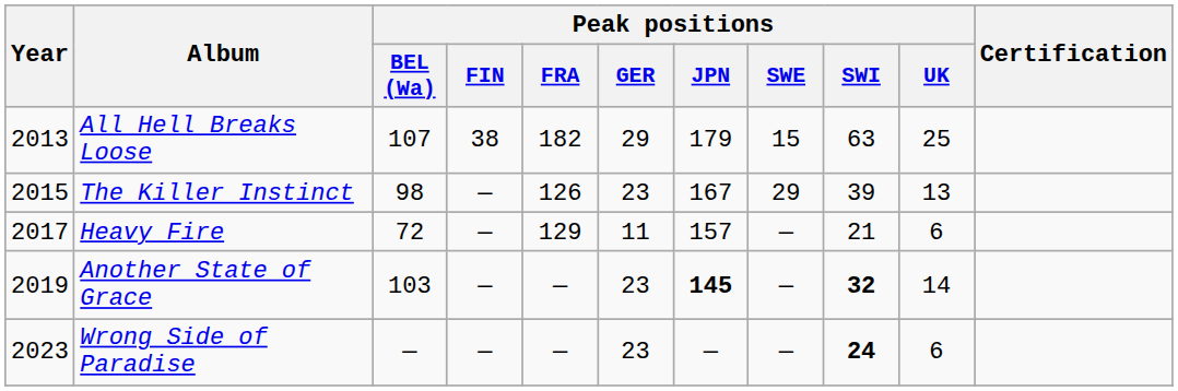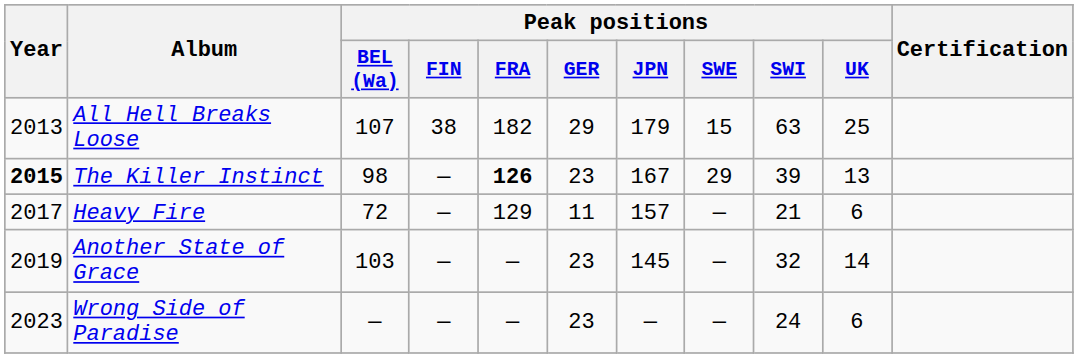 <table class="wikitable">
 <tr>
 <th align="center" rowspan="2" width="10">Year</th>
 <th align="center" rowspan="2" width="155">Album</th>
 <th align="center" colspan="8" width="20">Peak positions</th>
 <th align="center" rowspan="2" width="70">Certification</th>
 </tr>
 <tr>
 <th scope="col" style="width:3em;font-size:90%;"><a href='#'>BEL<br>(Wa)</a><br></th>
 <th scope="col" style="width:3em;font-size:90%;"><a href='#'>FIN</a><br></th>
 <th scope="col" style="width:3em;font-size:90%;"><a href='#'>FRA</a><br></th>
 <th scope="col" style="width:3em;font-size:90%;"><a href='#'>GER</a><br></th>
 <th scope="col" style="width:3em;font-size:90%;"><a href='#'>JPN</a><br></th>
 <th scope="col" style="width:3em;font-size:90%;"><a href='#'>SWE</a><br></th>
 <th scope="col" style="width:3em;font-size:90%;"><a href='#'>SWI</a><br></th>
 <th scope="col" style="width:3em;font-size:90%;"><a href='#'>UK</a><br></th>
 </tr>
 <tr>
 <td style="text-align:center;">2013</td>
 <td><em><a href='#'>All Hell Breaks Loose</a></em></td>
 <td style="text-align:center;">107</td>
 <td style="text-align:center;">38</td>
 <td style="text-align:center;">182</td>
 <td style="text-align:center;">29</td>
 <td style="text-align:center;">179</td>
 <td style="text-align:center;">15</td>
 <td style="text-align:center;">63</td>
 <td style="text-align:center;">25</td>
 <td style="text-align:center;"></td>
 </tr>
 <tr>
-<td style="text-align:center;">2015</td>
+<td style="text-align:center;"><strong>2015</strong></td>
 <td><em><a href='#'>The Killer Instinct</a></em></td>
 <td style="text-align:center;">98</td>
 <td style="text-align:center;">—</td>
-<td style="text-align:center;">126</td>
+<td style="text-align:center;"><strong>126</strong></td>
 <td style="text-align:center;">23</td>
 <td style="text-align:center;">167</td>
 <td style="text-align:center;">29</td>
 <td style="text-align:center;">39</td>
 <td style="text-align:center;">13</td>
 <td style="text-align:center;"></td>
 </tr>
 <tr>
 <td style="text-align:center;">2017</td>
 <td><em><a href='#'>Heavy Fire</a></em></td>
 <td style="text-align:center;">72</td>
 <td style="text-align:center;">—</td>
 <td style="text-align:center;">129</td>
 <td style="text-align:center;">11</td>
 <td style="text-align:center;">157</td>
 <td style="text-align:center;">—</td>
 <td style="text-align:center;">21</td>
 <td style="text-align:center;">6</td>
 <td style="text-align:center;"></td>
 </tr>
 <tr>
 <td style="text-align:center;">2019</td>
 <td><em><a href='#'>Another State of Grace</a></em></td>
 <td style="text-align:center;">103</td>
 <td style="text-align:center;">—</td>
 <td style="text-align:center;">—</td>
 <td style="text-align:center;">23</td>
-<td style="text-align:center;"><strong>145</strong></td>
+<td style="text-align:center;">145</td>
 <td style="text-align:center;">—</td>
-<td style="text-align:center;"><strong>32</strong></td>
+<td style="text-align:center;">32</td>
 <td style="text-align:center;">14</td>
 <td style="text-align:center;"></td>
 </tr>
 <tr>
 <td style="text-align:center;">2023</td>
 <td><em><a href='#'>Wrong Side of Paradise</a></em></td>
 <td style="text-align:center;">—</td>
 <td style="text-align:center;">—</td>
 <td style="text-align:center;">—</td>
 <td style="text-align:center;">23</td>
 <td style="text-align:center;">—</td>
 <td style="text-align:center;">—</td>
-<td style="text-align:center;"><strong>24</strong></td>
+<td style="text-align:center;">24</td>
 <td style="text-align:center;">6</td>
 <td style="text-align:center;"></td>
 </tr>
 </table>
